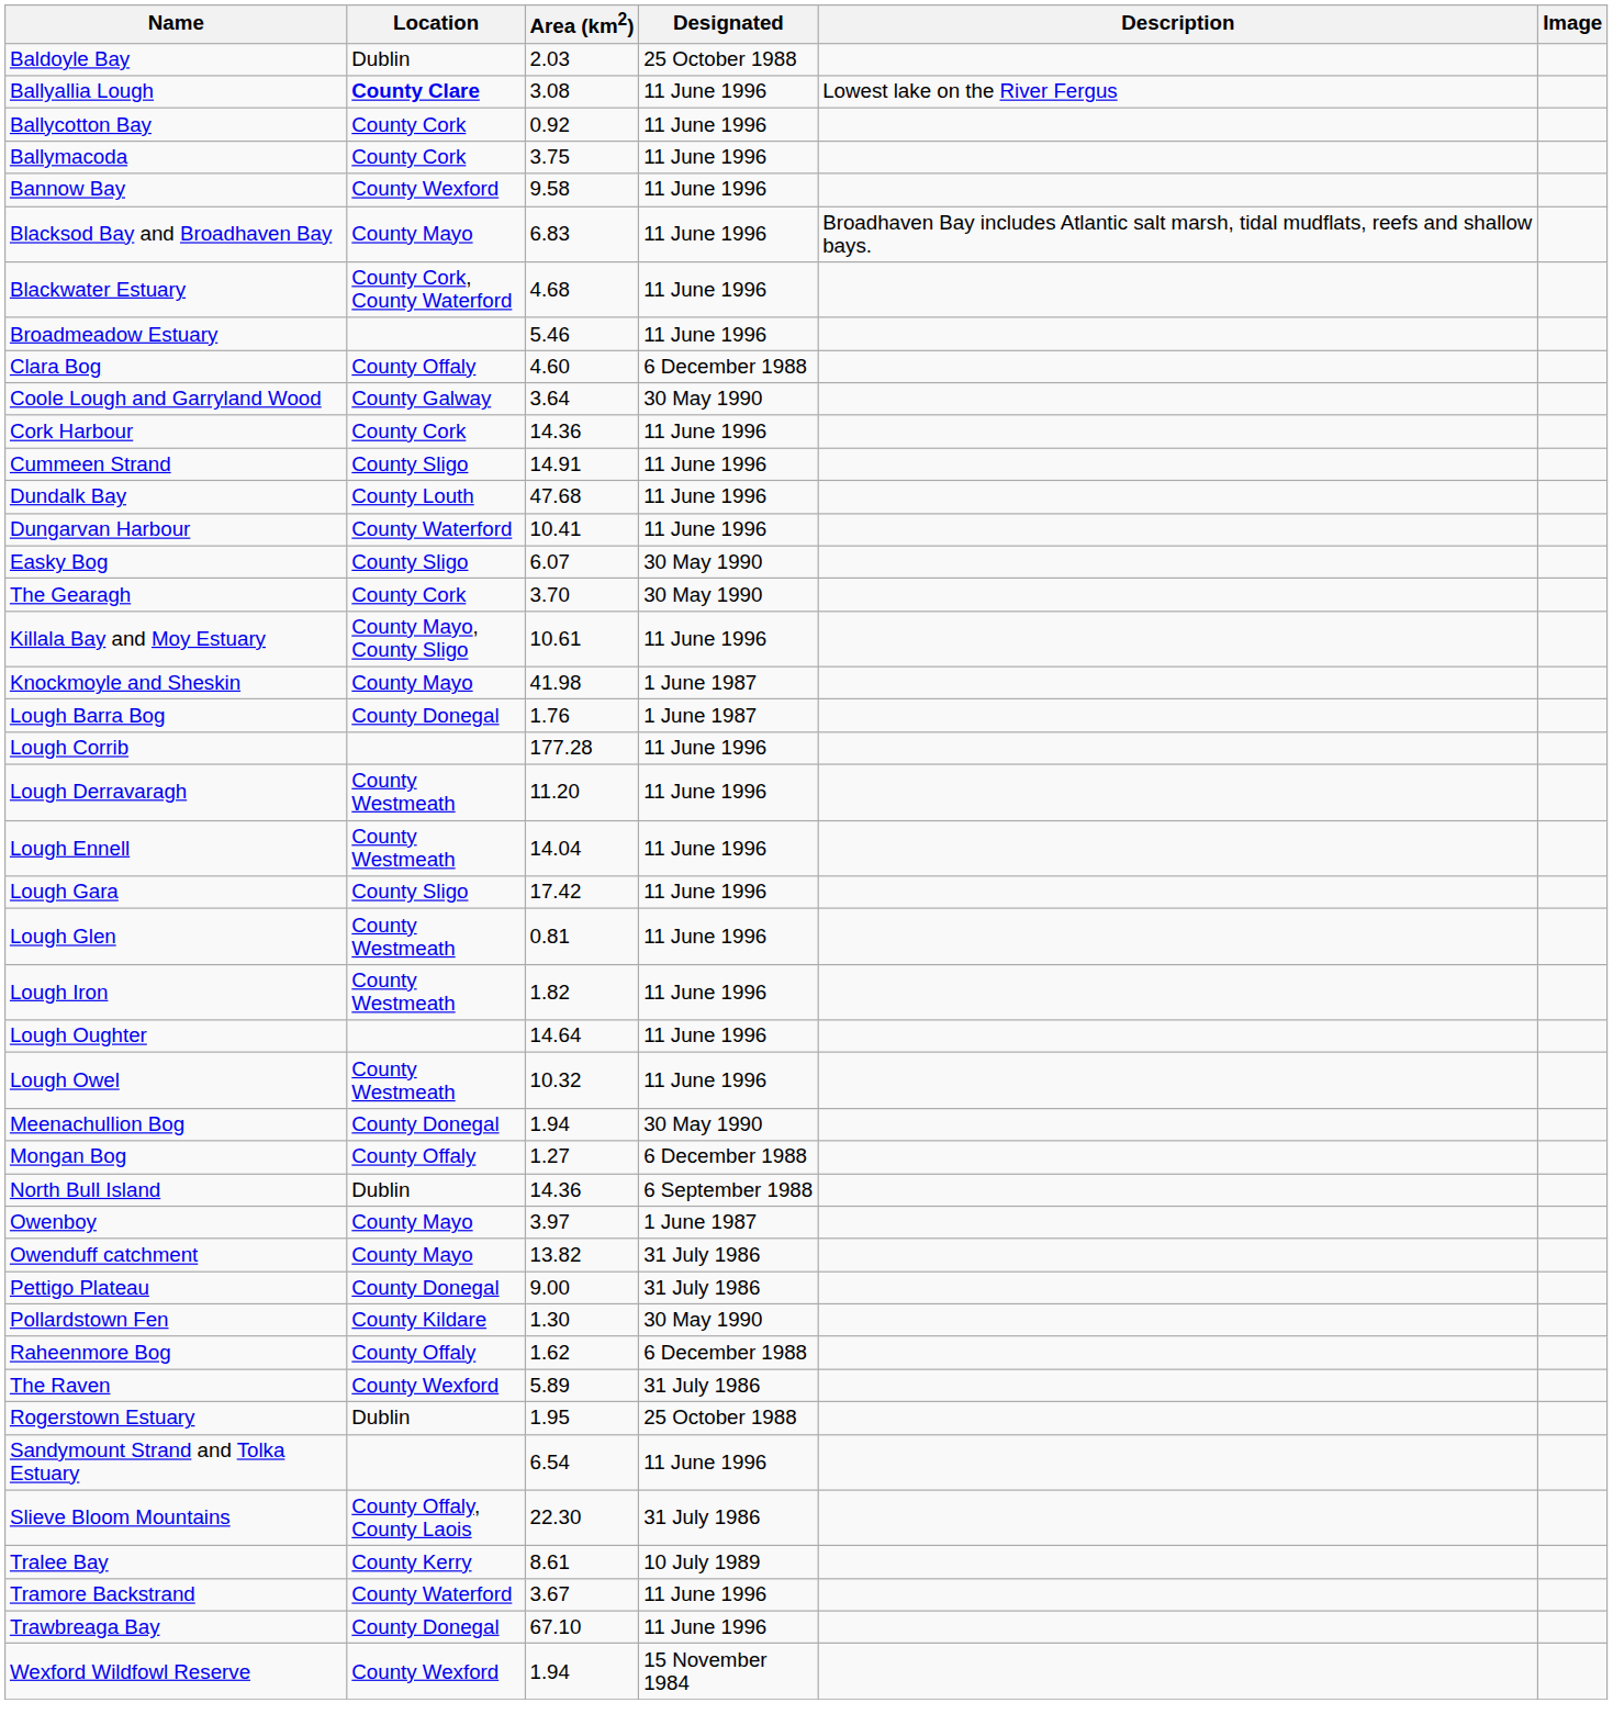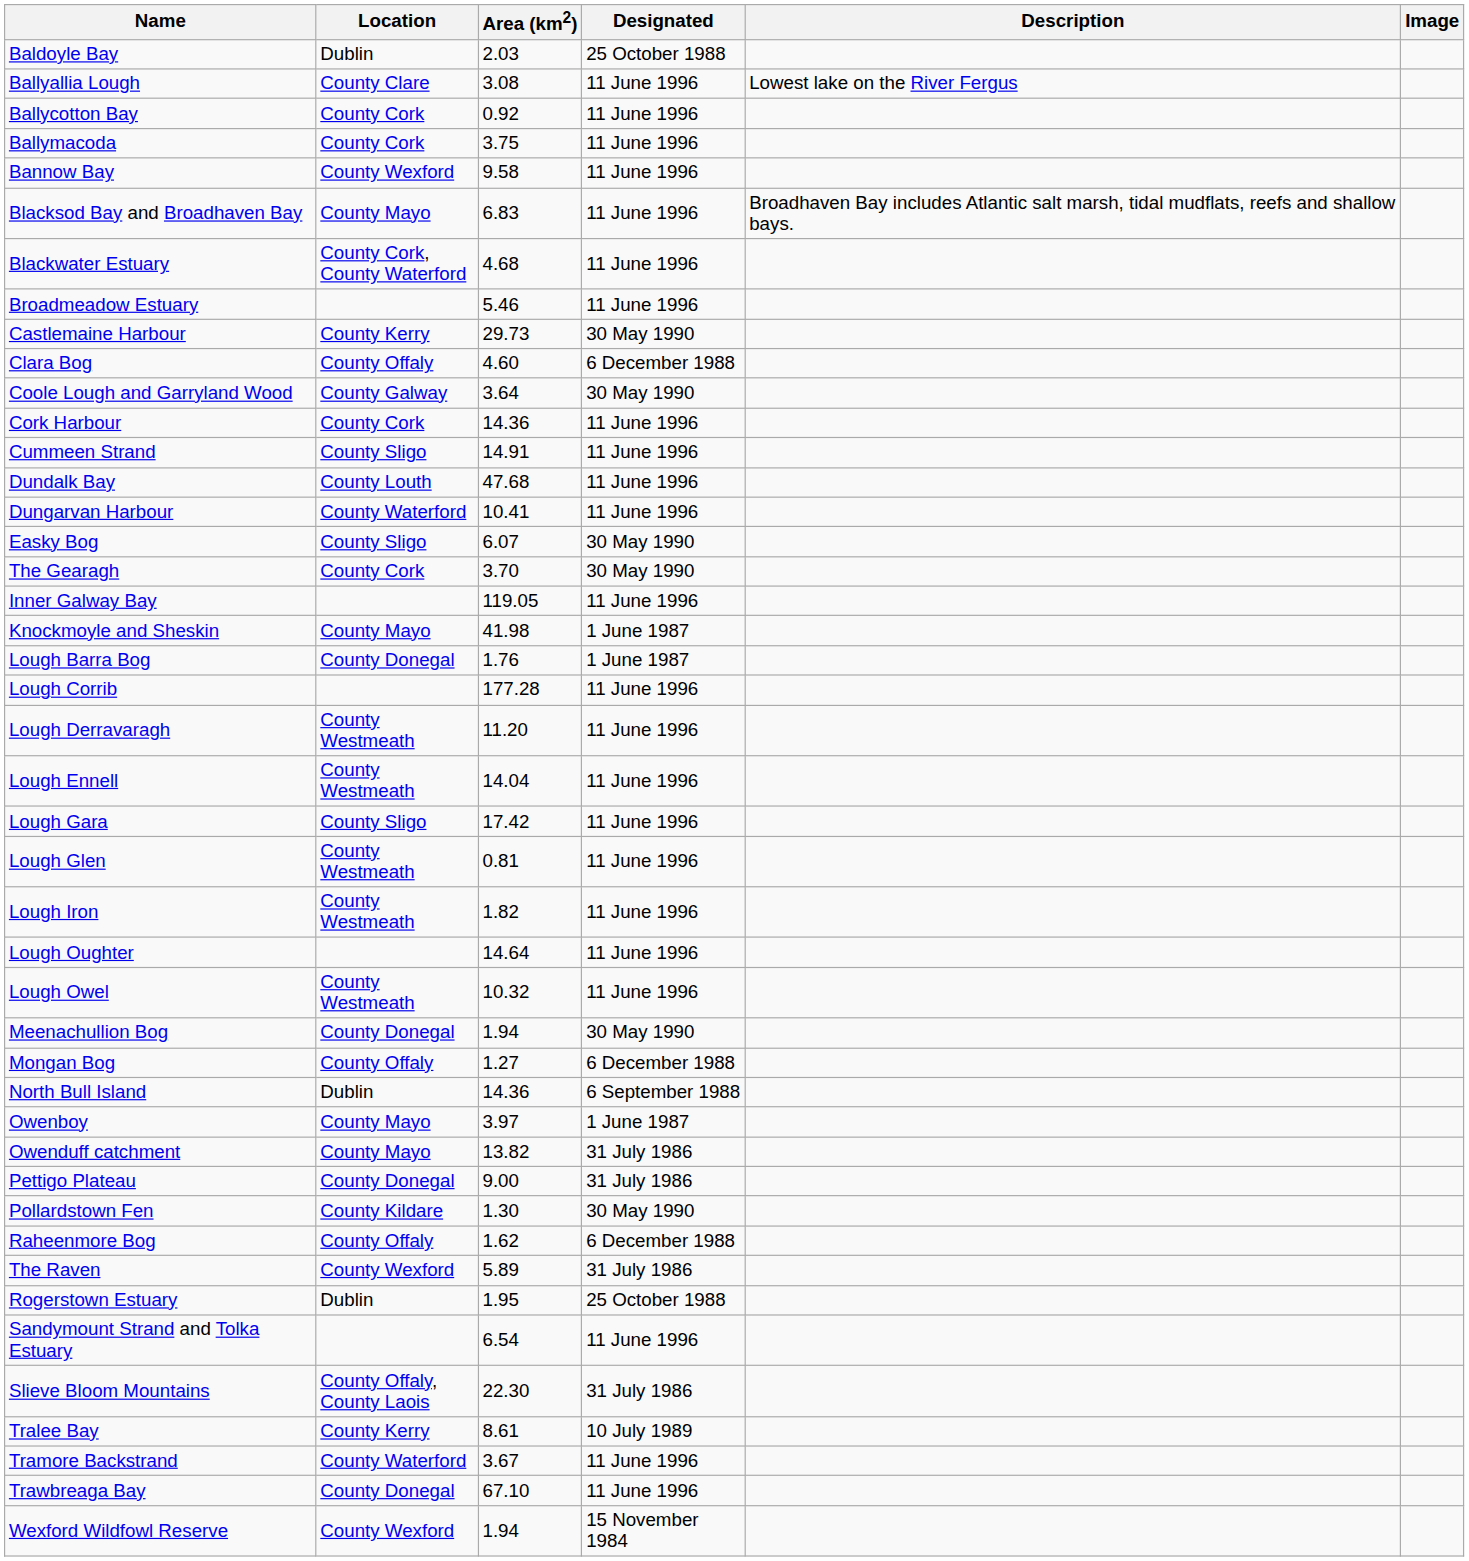 <table class="wikitable sortable">
 <tr>
 <th style="background-color:">Name</th>
 <th style="background-color:">Location</th>
 <th style="background-color:">Area (km<sup>2</sup>)</th>
 <th style="background-color:">Designated</th>
 <th style="background-color:">Description</th>
 <th style="background-color:">Image</th>
 </tr>
 <tr>
 <td><a href='#'>Baldoyle Bay</a></td>
 <td>Dublin<br><small></small></td>
 <td>2.03</td>
 <td>25 October 1988</td>
 <td></td>
 <td></td>
 </tr>
 <tr>
 <td><a href='#'>Ballyallia Lough</a></td>
-<td><strong><a href='#'>County Clare</a><br><small></small></strong></td>
+<td><a href='#'>County Clare</a><br><small></small></td>
 <td>3.08</td>
 <td>11 June 1996</td>
 <td>Lowest lake on the <a href='#'>River Fergus</a></td>
 <td></td>
 </tr>
 <tr>
 <td><a href='#'>Ballycotton Bay</a></td>
 <td><a href='#'>County Cork</a><br><small></small></td>
 <td>0.92</td>
 <td>11 June 1996</td>
 <td></td>
 <td></td>
 </tr>
 <tr>
 <td><a href='#'>Ballymacoda</a></td>
 <td><a href='#'>County Cork</a><br><small></small></td>
 <td>3.75</td>
 <td>11 June 1996</td>
 <td></td>
 <td></td>
 </tr>
 <tr>
 <td><a href='#'>Bannow Bay</a></td>
 <td><a href='#'>County Wexford</a><br><small></small></td>
 <td>9.58</td>
 <td>11 June 1996</td>
 <td></td>
 <td></td>
 </tr>
 <tr>
 <td><a href='#'>Blacksod Bay</a> and <a href='#'>Broadhaven Bay</a></td>
 <td><a href='#'>County Mayo</a><br><small></small></td>
 <td>6.83</td>
 <td>11 June 1996</td>
 <td>Broadhaven Bay includes Atlantic salt marsh, tidal mudflats, reefs and shallow bays.</td>
 <td></td>
 </tr>
 <tr>
 <td><a href='#'>Blackwater Estuary</a></td>
 <td><a href='#'>County Cork</a>,<br><a href='#'>County Waterford</a><small></small></td>
 <td>4.68</td>
 <td>11 June 1996</td>
 <td></td>
 <td></td>
 </tr>
 <tr>
 <td><a href='#'>Broadmeadow Estuary</a></td>
 <td><small></small></td>
 <td>5.46</td>
 <td>11 June 1996</td>
+<td></td>
+<td></td>
+</tr>
+<tr>
+<td><a href='#'>Castlemaine Harbour</a></td>
+<td><a href='#'>County Kerry</a><br><small></small></td>
+<td>29.73</td>
+<td>30 May 1990</td>
 <td></td>
 <td></td>
 </tr>
 <tr>
 <td><a href='#'>Clara Bog</a></td>
 <td><a href='#'>County Offaly</a><br><small></small></td>
 <td>4.60</td>
 <td>6 December 1988</td>
 <td></td>
 <td></td>
 </tr>
 <tr>
 <td><a href='#'>Coole Lough and Garryland Wood</a></td>
 <td><a href='#'>County Galway</a><br><small></small></td>
 <td>3.64</td>
 <td>30 May 1990</td>
 <td></td>
 <td></td>
 </tr>
 <tr>
 <td><a href='#'>Cork Harbour</a></td>
 <td><a href='#'>County Cork</a><br><small></small></td>
 <td>14.36</td>
 <td>11 June 1996</td>
 <td></td>
 <td></td>
 </tr>
 <tr>
 <td><a href='#'>Cummeen Strand</a></td>
 <td><a href='#'>County Sligo</a><br><small></small></td>
 <td>14.91</td>
 <td>11 June 1996</td>
 <td></td>
 <td></td>
 </tr>
 <tr>
 <td><a href='#'>Dundalk Bay</a></td>
 <td><a href='#'>County Louth</a><br><small></small></td>
 <td>47.68</td>
 <td>11 June 1996</td>
 <td></td>
 <td></td>
 </tr>
 <tr>
 <td><a href='#'>Dungarvan Harbour</a></td>
 <td><a href='#'>County Waterford</a><small></small></td>
 <td>10.41</td>
 <td>11 June 1996</td>
 <td></td>
 <td></td>
 </tr>
 <tr>
 <td><a href='#'>Easky Bog</a></td>
 <td><a href='#'>County Sligo</a><br><small></small></td>
 <td>6.07</td>
 <td>30 May 1990</td>
 <td></td>
 <td></td>
 </tr>
 <tr>
 <td><a href='#'>The Gearagh</a></td>
 <td><a href='#'>County Cork</a><br><small></small></td>
 <td>3.70</td>
 <td>30 May 1990</td>
 <td></td>
 <td></td>
 </tr>
 <tr>
-<td><a href='#'>Killala Bay</a> and <a href='#'>Moy Estuary</a></td>
-<td><a href='#'>County Mayo</a>,<br><a href='#'>County Sligo</a><br><small></small></td>
-<td>10.61</td>
+<td><a href='#'>Inner Galway Bay</a></td>
+<td><small></small></td>
+<td>119.05</td>
 <td>11 June 1996</td>
 <td></td>
 <td></td>
 </tr>
 <tr>
 <td><a href='#'>Knockmoyle and Sheskin</a></td>
 <td><a href='#'>County Mayo</a><br><small></small></td>
 <td>41.98</td>
 <td>1 June 1987</td>
 <td></td>
 <td></td>
 </tr>
 <tr>
 <td><a href='#'>Lough Barra Bog</a></td>
 <td><a href='#'>County Donegal</a><br><small></small></td>
 <td>1.76</td>
 <td>1 June 1987</td>
 <td></td>
 <td></td>
 </tr>
 <tr>
 <td><a href='#'>Lough Corrib</a></td>
 <td><small></small></td>
 <td>177.28</td>
 <td>11 June 1996</td>
 <td></td>
 <td></td>
 </tr>
 <tr>
 <td><a href='#'>Lough Derravaragh</a></td>
 <td><a href='#'>County Westmeath</a><br><small></small></td>
 <td>11.20</td>
 <td>11 June 1996</td>
 <td></td>
 <td></td>
 </tr>
 <tr>
 <td><a href='#'>Lough Ennell</a></td>
 <td><a href='#'>County Westmeath</a><br><small></small></td>
 <td>14.04</td>
 <td>11 June 1996</td>
 <td></td>
 <td></td>
 </tr>
 <tr>
 <td><a href='#'>Lough Gara</a></td>
 <td><a href='#'>County Sligo</a><br><small></small></td>
 <td>17.42</td>
 <td>11 June 1996</td>
 <td></td>
 <td></td>
 </tr>
 <tr>
 <td><a href='#'>Lough Glen</a></td>
 <td><a href='#'>County Westmeath</a><br><small></small></td>
 <td>0.81</td>
 <td>11 June 1996</td>
 <td></td>
 <td></td>
 </tr>
 <tr>
 <td><a href='#'>Lough Iron</a></td>
 <td><a href='#'>County Westmeath</a><br><small></small></td>
 <td>1.82</td>
 <td>11 June 1996</td>
 <td></td>
 <td></td>
 </tr>
 <tr>
 <td><a href='#'>Lough Oughter</a></td>
 <td><small></small></td>
 <td>14.64</td>
 <td>11 June 1996</td>
 <td></td>
 <td></td>
 </tr>
 <tr>
 <td><a href='#'>Lough Owel</a></td>
 <td><a href='#'>County Westmeath</a><br><small></small></td>
 <td>10.32</td>
 <td>11 June 1996</td>
 <td></td>
 <td></td>
 </tr>
 <tr>
 <td><a href='#'>Meenachullion Bog</a></td>
 <td><a href='#'>County Donegal</a><br><small></small></td>
 <td>1.94</td>
 <td>30 May 1990</td>
 <td></td>
 <td></td>
 </tr>
 <tr>
 <td><a href='#'>Mongan Bog</a></td>
 <td><a href='#'>County Offaly</a><br><small></small></td>
 <td>1.27</td>
 <td>6 December 1988</td>
 <td></td>
 <td></td>
 </tr>
 <tr>
 <td><a href='#'>North Bull Island</a></td>
 <td>Dublin<br><small></small></td>
 <td>14.36</td>
 <td>6 September 1988</td>
 <td></td>
 <td></td>
 </tr>
 <tr>
 <td><a href='#'>Owenboy</a></td>
 <td><a href='#'>County Mayo</a><br><small></small></td>
 <td>3.97</td>
 <td>1 June 1987</td>
 <td></td>
 <td></td>
 </tr>
 <tr>
 <td><a href='#'>Owenduff catchment</a></td>
 <td><a href='#'>County Mayo</a><br><small></small></td>
 <td>13.82</td>
 <td>31 July 1986</td>
 <td></td>
 <td></td>
 </tr>
 <tr>
 <td><a href='#'>Pettigo Plateau</a></td>
 <td><a href='#'>County Donegal</a><br><small></small></td>
 <td>9.00</td>
 <td>31 July 1986</td>
 <td></td>
 <td></td>
 </tr>
 <tr>
 <td><a href='#'>Pollardstown Fen</a></td>
 <td><a href='#'>County Kildare</a><br><small></small></td>
 <td>1.30</td>
 <td>30 May 1990</td>
 <td></td>
 <td></td>
 </tr>
 <tr>
 <td><a href='#'>Raheenmore Bog</a></td>
 <td><a href='#'>County Offaly</a><br><small></small></td>
 <td>1.62</td>
 <td>6 December 1988</td>
 <td></td>
 <td></td>
 </tr>
 <tr>
 <td><a href='#'>The Raven</a></td>
 <td><a href='#'>County Wexford</a><br><small></small></td>
 <td>5.89</td>
 <td>31 July 1986</td>
 <td></td>
 <td></td>
 </tr>
 <tr>
 <td><a href='#'>Rogerstown Estuary</a></td>
 <td>Dublin<br><small></small></td>
 <td>1.95</td>
 <td>25 October 1988</td>
 <td></td>
 <td></td>
 </tr>
 <tr>
 <td><a href='#'>Sandymount Strand</a> and <a href='#'>Tolka Estuary</a></td>
 <td><small></small></td>
 <td>6.54</td>
 <td>11 June 1996</td>
 <td></td>
 <td></td>
 </tr>
 <tr>
 <td><a href='#'>Slieve Bloom Mountains</a></td>
 <td><a href='#'>County Offaly</a>,<br><a href='#'>County Laois</a><br><small></small></td>
 <td>22.30</td>
 <td>31 July 1986</td>
 <td></td>
 <td></td>
 </tr>
 <tr>
 <td><a href='#'>Tralee Bay</a></td>
 <td><a href='#'>County Kerry</a><br><small></small></td>
 <td>8.61</td>
 <td>10 July 1989</td>
 <td></td>
 <td></td>
 </tr>
 <tr>
 <td><a href='#'>Tramore Backstrand</a></td>
 <td><a href='#'>County Waterford</a><br><small></small></td>
 <td>3.67</td>
 <td>11 June 1996</td>
 <td></td>
 <td></td>
 </tr>
 <tr>
 <td><a href='#'>Trawbreaga Bay</a></td>
 <td><a href='#'>County Donegal</a><br><small></small></td>
 <td>67.10</td>
 <td>11 June 1996</td>
 <td></td>
 <td></td>
 </tr>
 <tr>
 <td><a href='#'>Wexford Wildfowl Reserve</a></td>
 <td><a href='#'>County Wexford</a><br><small></small></td>
 <td>1.94</td>
 <td>15 November 1984</td>
 <td></td>
 <td></td>
 </tr>
 </table>
